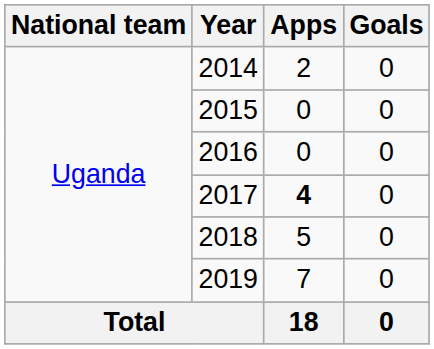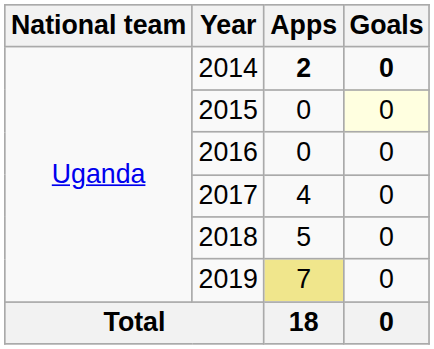 <table class="wikitable" style="text-align:center">
 <tr>
 <th>National team</th>
 <th>Year</th>
 <th>Apps</th>
 <th>Goals</th>
 </tr>
 <tr>
 <td rowspan="6"><a href='#'>Uganda</a></td>
 <td>2014</td>
-<td>2</td>
-<td>0</td>
+<td><strong>2</strong></td>
+<td><strong>0</strong></td>
 </tr>
 <tr>
 <td>2015</td>
 <td>0</td>
-<td>0</td>
+<td style="background: lightyellow;">0</td>
 </tr>
 <tr>
 <td>2016</td>
 <td>0</td>
 <td>0</td>
 </tr>
 <tr>
 <td>2017</td>
-<td><strong>4</strong></td>
+<td>4</td>
 <td>0</td>
 </tr>
 <tr>
 <td>2018</td>
 <td>5</td>
 <td>0</td>
 </tr>
 <tr>
 <td>2019</td>
-<td>7</td>
+<td style="background: khaki;">7</td>
 <td>0</td>
 </tr>
 <tr>
 <th colspan="2">Total</th>
 <th>18</th>
 <th>0</th>
 </tr>
 </table>
